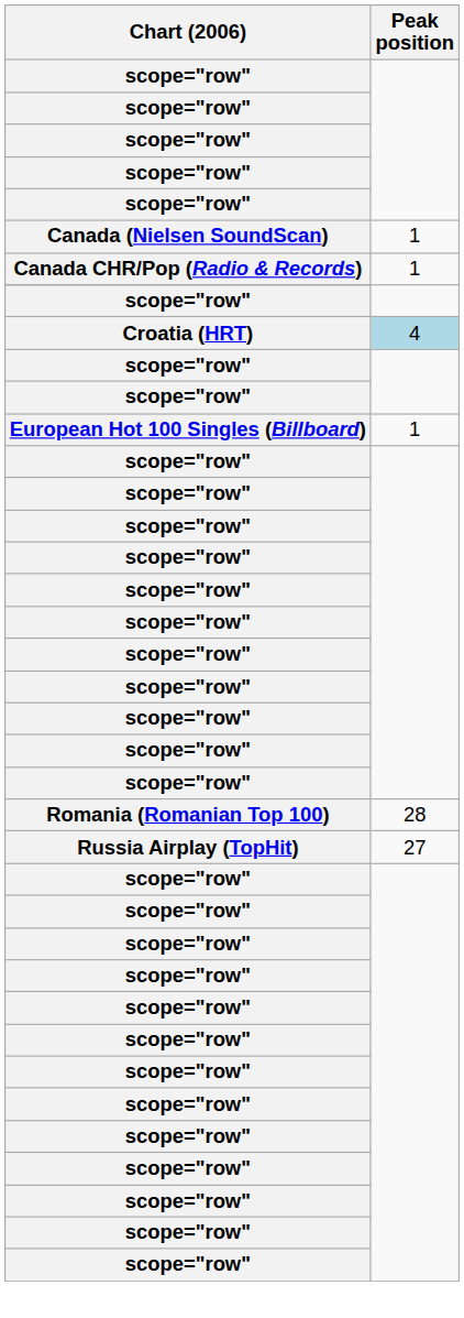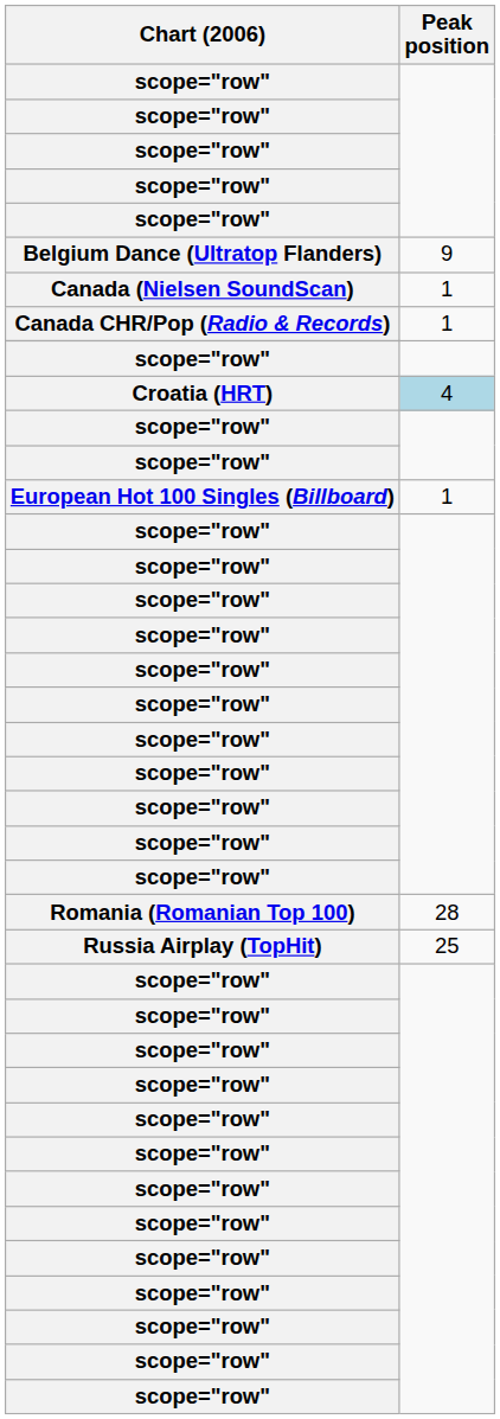 <table class="wikitable plainrowheaders sortable" style="text-align:center">
 <tr>
 <th scope="col">Chart (2006)</th>
 <th scope="col">Peak<br>position</th>
 </tr>
 <tr>
 <th>scope="row" </th>
 </tr>
 <tr>
 <th>scope="row" </th>
 </tr>
 <tr>
 <th>scope="row" </th>
 </tr>
 <tr>
 <th>scope="row" </th>
 </tr>
 <tr>
 <th>scope="row" </th>
+</tr>
+<tr>
+<th scope="row">Belgium Dance (<a href='#'>Ultratop</a> Flanders)</th>
+<td>9</td>
 </tr>
 <tr>
 <th scope="row">Canada (<a href='#'>Nielsen SoundScan</a>)</th>
 <td>1</td>
 </tr>
 <tr>
 <th scope="row">Canada CHR/Pop (<em><a href='#'>Radio & Records</a></em>)</th>
 <td>1</td>
 </tr>
 <tr>
 </tr>
 <tr>
 </tr>
 <tr>
 <th>scope="row" </th>
 </tr>
 <tr>
 <th scope="row">Croatia (<a href='#'>HRT</a>)</th>
 <td style="background: lightblue;">4</td>
 </tr>
 <tr>
 <th>scope="row" </th>
 </tr>
 <tr>
 <th>scope="row" </th>
 </tr>
 <tr>
 <th scope="row"><a href='#'>European Hot 100 Singles</a> (<em><a href='#'>Billboard</a></em>)</th>
 <td>1</td>
 </tr>
 <tr>
 <th>scope="row" </th>
 </tr>
 <tr>
 <th>scope="row" </th>
 </tr>
 <tr>
 <th>scope="row" </th>
 </tr>
 <tr>
 <th>scope="row" </th>
 </tr>
 <tr>
 <th>scope="row" </th>
 </tr>
 <tr>
 <th>scope="row" </th>
 </tr>
 <tr>
 <th>scope="row" </th>
 </tr>
 <tr>
 <th>scope="row" </th>
 </tr>
 <tr>
 <th>scope="row" </th>
 </tr>
 <tr>
 <th>scope="row" </th>
 </tr>
 <tr>
 <th>scope="row" </th>
 </tr>
 <tr>
 <th scope="row">Romania (<a href='#'>Romanian Top 100</a>)</th>
 <td>28</td>
 </tr>
 <tr>
 <th scope="row">Russia Airplay (<a href='#'>TopHit</a>)</th>
-<td>27</td>
+<td>25</td>
 </tr>
 <tr>
 <th>scope="row" </th>
 </tr>
 <tr>
 <th>scope="row" </th>
 </tr>
 <tr>
 <th>scope="row" </th>
 </tr>
 <tr>
 <th>scope="row" </th>
 </tr>
 <tr>
 <th>scope="row" </th>
 </tr>
 <tr>
 <th>scope="row" </th>
 </tr>
 <tr>
 <th>scope="row" </th>
 </tr>
 <tr>
 <th>scope="row" </th>
 </tr>
 <tr>
 <th>scope="row" </th>
 </tr>
 <tr>
 <th>scope="row" </th>
 </tr>
 <tr>
 <th>scope="row" </th>
 </tr>
 <tr>
 <th>scope="row" </th>
 </tr>
 <tr>
 <th>scope="row" </th>
 </tr>
 </table>
